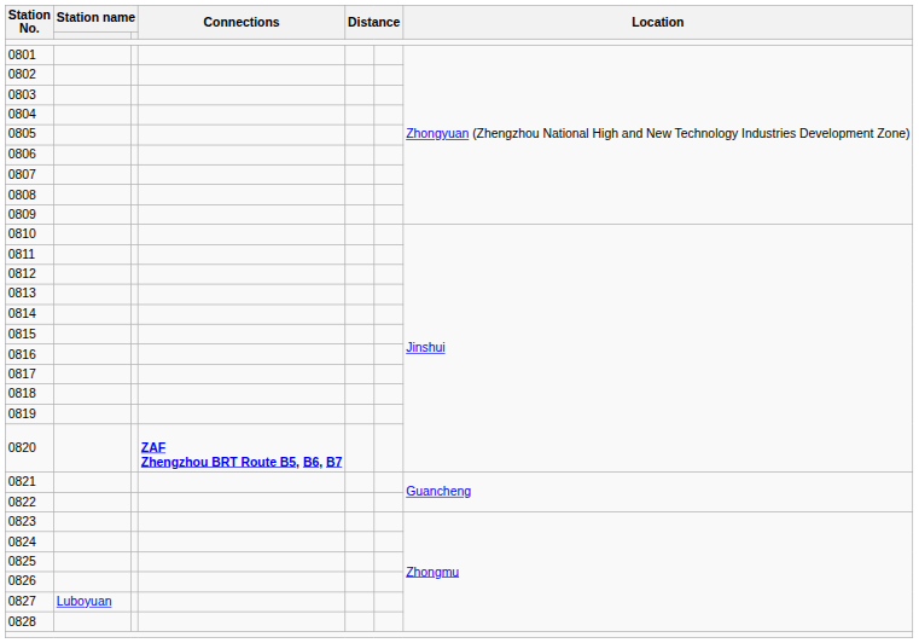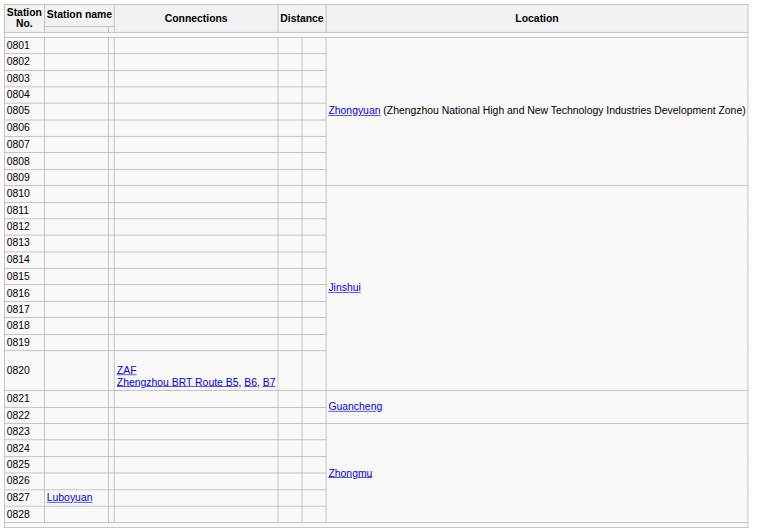 <table class="wikitable">
 <tr>
 <th rowspan="2">Station<br>No.</th>
 <th colspan="2">Station name</th>
 <th rowspan="2">Connections</th>
 <th colspan="2" rowspan="2">Distance<br></th>
 <th rowspan="2">Location</th>
 </tr>
 <tr>
 <th></th>
 <th></th>
 </tr>
 <tr style="background:#">
 <td colspan="7"></td>
 </tr>
 <tr>
 <td>0801</td>
 <td></td>
 <td></td>
 <td></td>
 <td></td>
 <td></td>
 <td rowspan="9"><a href='#'>Zhongyuan</a> (Zhengzhou National High and New Technology Industries Development Zone)</td>
 </tr>
 <tr>
 <td>0802</td>
 <td></td>
 <td></td>
 <td></td>
 <td></td>
 <td></td>
 </tr>
 <tr>
 <td>0803</td>
 <td></td>
 <td></td>
 <td></td>
 <td></td>
 <td></td>
 </tr>
 <tr>
 <td>0804</td>
 <td></td>
 <td></td>
 <td></td>
 <td></td>
 <td></td>
 </tr>
 <tr>
 <td>0805</td>
 <td></td>
 <td></td>
 <td></td>
 <td></td>
 <td></td>
 </tr>
 <tr>
 <td>0806</td>
 <td></td>
 <td></td>
 <td></td>
 <td></td>
 <td></td>
 </tr>
 <tr>
 <td>0807</td>
 <td></td>
 <td></td>
 <td></td>
 <td></td>
 <td></td>
 </tr>
 <tr>
 <td>0808</td>
 <td></td>
 <td></td>
 <td></td>
 <td></td>
 <td></td>
 </tr>
 <tr>
 <td>0809</td>
 <td></td>
 <td></td>
 <td></td>
 <td></td>
 <td></td>
 </tr>
 <tr>
 <td>0810</td>
 <td></td>
 <td></td>
 <td></td>
 <td></td>
 <td></td>
 <td rowspan="11"><a href='#'>Jinshui</a></td>
 </tr>
 <tr>
 <td>0811</td>
 <td></td>
 <td></td>
 <td></td>
 <td></td>
 <td></td>
 </tr>
 <tr>
 <td>0812</td>
 <td></td>
 <td></td>
 <td></td>
 <td></td>
 <td></td>
 </tr>
 <tr>
 <td>0813</td>
 <td></td>
 <td></td>
 <td></td>
 <td></td>
 <td></td>
 </tr>
 <tr>
 <td>0814</td>
 <td></td>
 <td></td>
 <td></td>
 <td></td>
 <td></td>
 </tr>
 <tr>
 <td>0815</td>
 <td></td>
 <td></td>
 <td></td>
 <td></td>
 <td></td>
 </tr>
 <tr>
 <td>0816</td>
 <td></td>
 <td></td>
 <td></td>
 <td></td>
 <td></td>
 </tr>
 <tr>
 <td>0817</td>
 <td></td>
 <td></td>
 <td></td>
 <td></td>
 <td></td>
 </tr>
 <tr>
 <td>0818</td>
 <td></td>
 <td></td>
 <td></td>
 <td></td>
 <td></td>
 </tr>
 <tr>
 <td>0819</td>
 <td></td>
 <td></td>
 <td></td>
 <td></td>
 <td></td>
 </tr>
 <tr>
 <td>0820</td>
 <td></td>
 <td></td>
-<td><strong> <br><a href='#'>ZAF</a><br> <a href='#'>Zhengzhou BRT Route B5</a>, <a href='#'>B6</a>, <a href='#'>B7</a></strong></td>
+<td> <br><a href='#'>ZAF</a><br> <a href='#'>Zhengzhou BRT Route B5</a>, <a href='#'>B6</a>, <a href='#'>B7</a></td>
 <td></td>
 <td></td>
 </tr>
 <tr>
 <td>0821</td>
 <td></td>
 <td></td>
 <td></td>
 <td></td>
 <td></td>
 <td rowspan="2"><a href='#'>Guancheng</a></td>
 </tr>
 <tr>
 <td>0822</td>
 <td></td>
 <td></td>
 <td></td>
 <td></td>
 <td></td>
 </tr>
 <tr>
 <td>0823</td>
 <td></td>
 <td></td>
 <td></td>
 <td></td>
 <td></td>
 <td rowspan="6"><a href='#'>Zhongmu</a></td>
 </tr>
 <tr>
 <td>0824</td>
 <td></td>
 <td></td>
 <td></td>
 <td></td>
 <td></td>
 </tr>
 <tr>
 <td>0825</td>
 <td></td>
 <td></td>
 <td></td>
 <td></td>
 <td></td>
 </tr>
 <tr>
 <td>0826</td>
 <td></td>
 <td></td>
 <td></td>
 <td></td>
 <td></td>
 </tr>
 <tr>
 <td>0827</td>
 <td><a href='#'>Luboyuan</a></td>
 <td></td>
 <td></td>
 <td></td>
 <td></td>
 </tr>
 <tr>
 <td>0828</td>
 <td></td>
 <td></td>
 <td></td>
 <td></td>
 <td></td>
 </tr>
 <tr style="background:#">
 <td colspan = "7"></td>
 </tr>
 </table>
